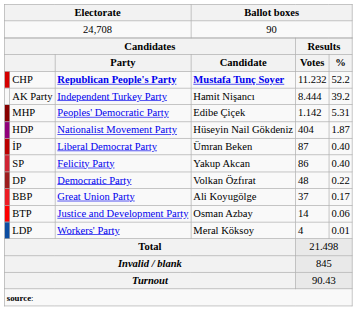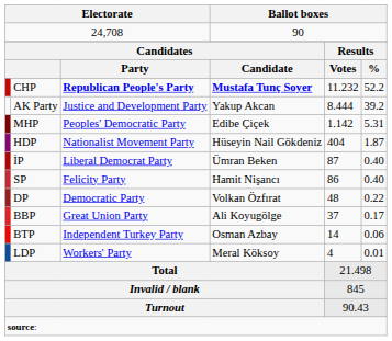 <table class="wikitable">
 <tr style="background-color:#F2F2F2">
 <td align="center" colspan="3"><strong>Electorate</strong></td>
 <td align="center" colspan="7"><strong>Ballot boxes</strong></td>
 </tr>
 <tr align="left">
 <td align="center" colspan="3">24,708</td>
 <td align="center" colspan="7">90</td>
 </tr>
 <tr>
 </tr>
 <tr style="background-color:#E9E9E9">
 </tr>
 <tr>
 <th align="center" colspan="4">Candidates</th>
 <th align="center" colspan="6">Results</th>
 </tr>
 <tr style="background-color:#E9E9E9">
 <th align="center" colspan="2"></th>
 <th align="center">Party</th>
 <th align="center">Candidate</th>
 <th align="center">Votes</th>
 <th align="center">%</th>
 </tr>
 <tr align="left">
 <td bgcolor="#d50000" width=1></td>
 <td>CHP</td>
 <td><strong><a href='#'>Republican People's Party</a></strong></td>
 <td><strong><a href='#'>Mustafa Tunç Soyer</a></strong></td>
 <td>11.232</td>
 <td>52.2</td>
 </tr>
 <tr align="left">
 <td></td>
 <td>AK Party</td>
-<td><a href='#'>Independent Turkey Party</a></td>
-<td>Hamit Nişancı</td>
+<td><a href='#'>Justice and Development Party</a></td>
+<td>Yakup Akcan</td>
 <td>8.444</td>
 <td>39.2</td>
 </tr>
 <tr align="left">
 <td bgcolor="#870000" width=1></td>
 <td>MHP</td>
 <td><a href='#'>Peoples' Democratic Party</a></td>
 <td>Edibe Çiçek</td>
 <td>1.142</td>
 <td>5.31</td>
 </tr>
 <tr align="left">
 <td bgcolor="#91007B" width=1></td>
 <td>HDP</td>
 <td><a href='#'>Nationalist Movement Party</a></td>
 <td>Hüseyin Nail Gökdeniz</td>
 <td>404</td>
 <td>1.87</td>
 </tr>
 <tr align="left">
 <td bgcolor="#BB0000" width=1></td>
 <td>İP</td>
 <td><a href='#'>Liberal Democrat Party</a></td>
 <td>Ümran Beken</td>
 <td>87</td>
 <td>0.40</td>
 </tr>
 <tr align="left">
 <td bgcolor="#D02433" width=1></td>
 <td>SP</td>
 <td><a href='#'>Felicity Party</a></td>
-<td>Yakup Akcan</td>
+<td>Hamit Nişancı</td>
 <td>86</td>
 <td>0.40</td>
 </tr>
 <tr align="left">
 <td bgcolor="#9D1D1E" width=1></td>
 <td>DP</td>
 <td><a href='#'>Democratic Party</a></td>
 <td>Volkan Özfırat</td>
 <td>48</td>
 <td>0.22</td>
 </tr>
 <tr align="left">
 <td bgcolor="#ED1C24" width=1></td>
 <td>BBP</td>
 <td><a href='#'>Great Union Party</a></td>
 <td>Ali Koyugölge</td>
 <td>37</td>
 <td>0.17</td>
 </tr>
 <tr align="left">
 <td bgcolor="#FE0000" width=1></td>
 <td>BTP</td>
-<td><a href='#'>Justice and Development Party</a></td>
+<td><a href='#'>Independent Turkey Party</a></td>
 <td>Osman Azbay</td>
 <td>14</td>
 <td>0.06</td>
 </tr>
 <tr align="left">
 <td bgcolor="#0C4DA2" width=1></td>
 <td>LDP</td>
 <td><a href='#'>Workers' Party</a></td>
 <td>Meral Köksoy</td>
 <td>4</td>
 <td>0.01</td>
 </tr>
 <tr style="background-color:#E9E9E9" align="left">
 <th align="center" colspan="4"><strong>Total</strong></th>
 <td align="center" colspan="5">21.498</td>
 </tr>
 <tr style="background-color:#E9E9E9" align="left">
 <th align="center" colspan="4"><em>Invalid / blank</em></th>
 <td align="center" colspan="5">845</td>
 </tr>
 <tr style="background-color:#E9E9E9" align="left">
 <th align="center" colspan="4"><em>Turnout</em></th>
 <td align="center" colspan="5">90.43</td>
 </tr>
 <tr>
 <td align="left" colspan=10><small><strong>source</strong>: </small></td>
 </tr>
 </table>
